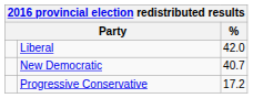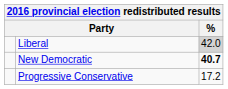 <table class="wikitable">
 <tr>
 <th colspan="4"><a href='#'>2016 provincial election</a> redistributed results</th>
 </tr>
 <tr>
 <th bgcolor="#DDDDFF" width="130px" colspan="2">Party</th>
 <th bgcolor="#DDDDFF" width="30px">%</th>
 </tr>
 <tr>
 <td> </td>
 <td><a href='#'>Liberal</a></td>
-<td align=right>42.0</td>
+<td align=right style="background: lightgrey;">42.0</td>
 </tr>
 <tr>
 <td> </td>
 <td><a href='#'>New Democratic</a></td>
-<td align=right>40.7</td>
+<td align=right><strong>40.7</strong></td>
 </tr>
 <tr>
 <td> </td>
 <td><a href='#'>Progressive Conservative</a></td>
 <td align=right>17.2</td>
 </tr>
 </table>
